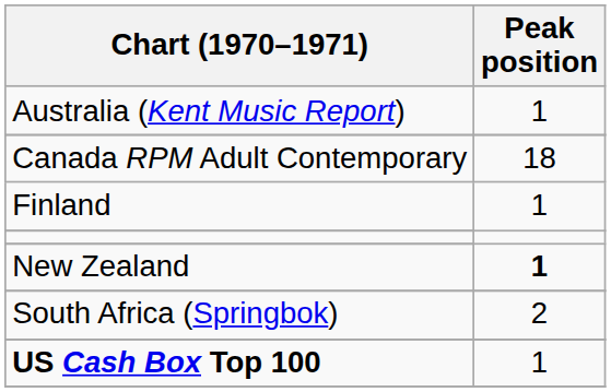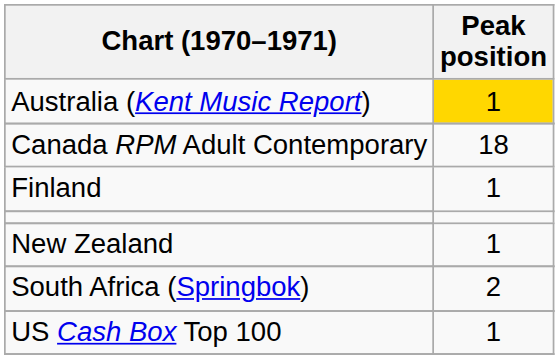 <table class="wikitable sortable">
 <tr>
 <th>Chart (1970–1971)</th>
 <th>Peak<br>position</th>
 </tr>
 <tr>
 <td>Australia (<em><a href='#'>Kent Music Report</a></em>)</td>
-<td align="center">1</td>
+<td align="center" style="background: gold;">1</td>
 </tr>
 <tr>
 </tr>
 <tr>
 </tr>
 <tr>
 </tr>
 <tr>
 </tr>
 <tr>
 <td>Canada <em>RPM</em> Adult Contemporary</td>
 <td style="text-align:center;">18</td>
 </tr>
 <tr>
 <td>Finland</td>
 <td align="center">1</td>
 </tr>
 <tr>
 </tr>
 <tr>
 <td></td>
 </tr>
 <tr>
 </tr>
 <tr>
 <td>New Zealand</td>
-<td align="center"><strong>1</strong></td>
+<td align="center">1</td>
 </tr>
 <tr>
 </tr>
 <tr>
 <td>South Africa (<a href='#'>Springbok</a>)</td>
 <td align="center">2</td>
 </tr>
 <tr>
 </tr>
 <tr>
 </tr>
 <tr>
 </tr>
 <tr>
 </tr>
 <tr>
 </tr>
 <tr>
-<td><strong>US <a href='#'><em>Cash Box</em></a> Top 100</strong></td>
+<td>US <a href='#'><em>Cash Box</em></a> Top 100</td>
 <td align="center">1</td>
 </tr>
 <tr>
 </tr>
 </table>
